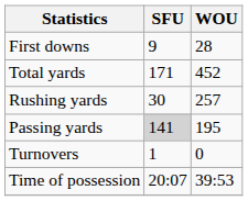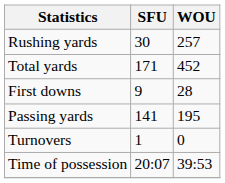 <table class="wikitable" style="float: left;">
 <tr>
 <th>Statistics</th>
 <th>SFU</th>
 <th>WOU</th>
 </tr>
 <tr>
-<td>First downs</td>
-<td>9</td>
-<td>28</td>
+<td>Rushing yards</td>
+<td>30</td>
+<td>257</td>
 </tr>
 <tr>
 <td>Total yards</td>
 <td>171</td>
 <td>452</td>
 </tr>
 <tr>
-<td>Rushing yards</td>
-<td>30</td>
-<td>257</td>
+<td>First downs</td>
+<td>9</td>
+<td>28</td>
 </tr>
 <tr>
 <td>Passing yards</td>
-<td style="background: lightgrey;">141</td>
+<td>141</td>
 <td>195</td>
 </tr>
 <tr>
 <td>Turnovers</td>
 <td>1</td>
 <td>0</td>
 </tr>
 <tr>
 <td>Time of possession</td>
 <td>20:07</td>
 <td>39:53</td>
 </tr>
 <tr>
 </tr>
 </table>
